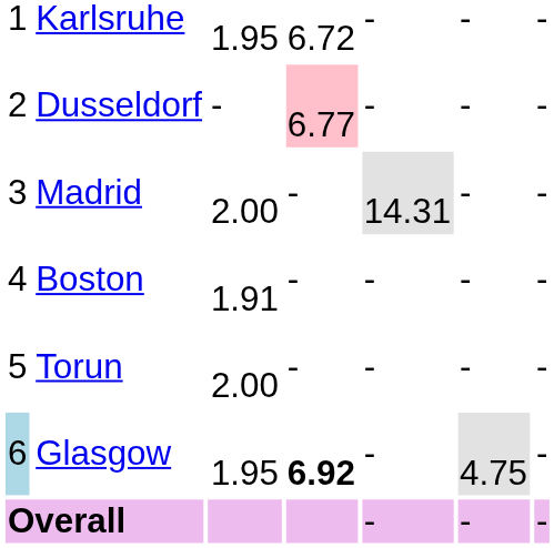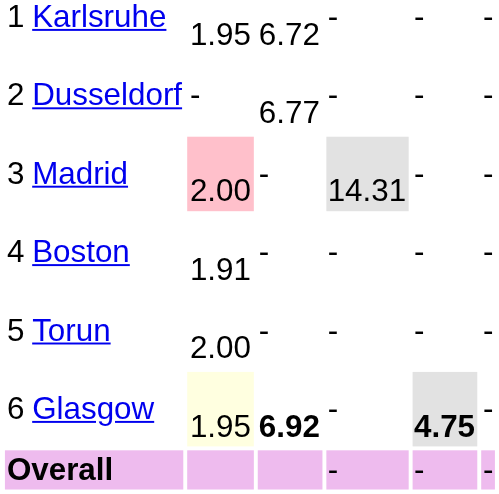 <table>
 <tr>
 <td>1</td>
 <td align=left><a href='#'>Karlsruhe</a></td>
 <td> <br>1.95</td>
 <td> <br>6.72</td>
 <td> -</td>
 <td> -</td>
 <td> -</td>
 </tr>
 <tr>
 <td>2</td>
 <td align=left><a href='#'>Dusseldorf</a></td>
 <td> -</td>
-<td style="background: pink;"> <br>6.77</td>
+<td> <br>6.77</td>
 <td> -</td>
 <td> -</td>
 <td> -</td>
 </tr>
 <tr>
 <td>3</td>
 <td align=left><a href='#'>Madrid</a></td>
-<td> <br>2.00</td>
+<td style="background: pink;"> <br>2.00</td>
 <td> -</td>
 <td bgcolor=#e2e2e2> <br>14.31</td>
 <td> -</td>
 <td> -</td>
 </tr>
 <tr>
 <td>4</td>
 <td align=left><a href='#'>Boston</a></td>
 <td> <br>1.91</td>
 <td> -</td>
 <td> -</td>
 <td> -</td>
 <td> -</td>
 </tr>
 <tr>
 <td>5</td>
 <td align=left><a href='#'>Torun</a></td>
 <td> <br>2.00</td>
 <td> -</td>
 <td> -</td>
 <td> -</td>
 <td> -</td>
 </tr>
 <tr>
-<td style="background: lightblue;">6</td>
+<td>6</td>
 <td align=left><a href='#'>Glasgow</a></td>
-<td>  <br>1.95</td>
+<td style="background: lightyellow;">  <br>1.95</td>
 <td><strong>  <br>6.92</strong></td>
 <td> -</td>
-<td bgcolor=#e2e2e2>  <br>4.75</td>
+<td bgcolor=#e2e2e2><strong>  <br>4.75</strong></td>
 <td> -</td>
 </tr>
 <tr bgcolor=#eebbee>
 <td colspan="2"><strong>Overall</strong></td>
 <td> <strong></strong></td>
 <td> <strong></strong></td>
 <td> -</td>
 <td> -</td>
 <td> -</td>
 </tr>
 </table>
